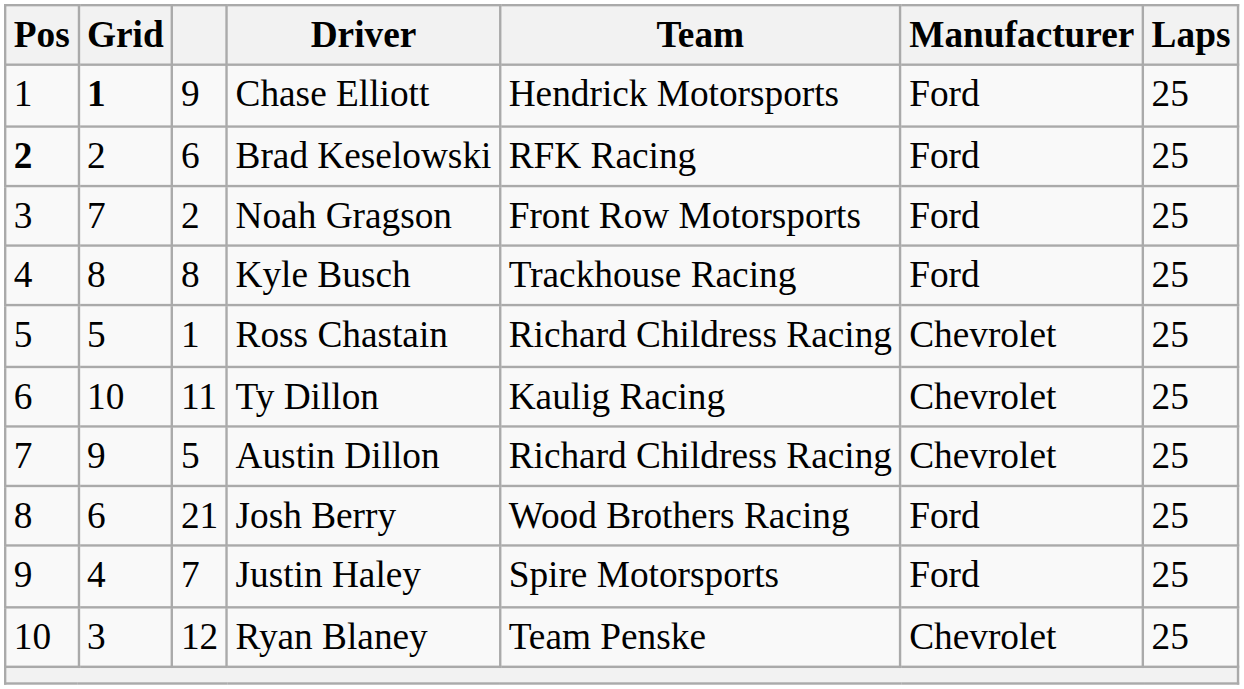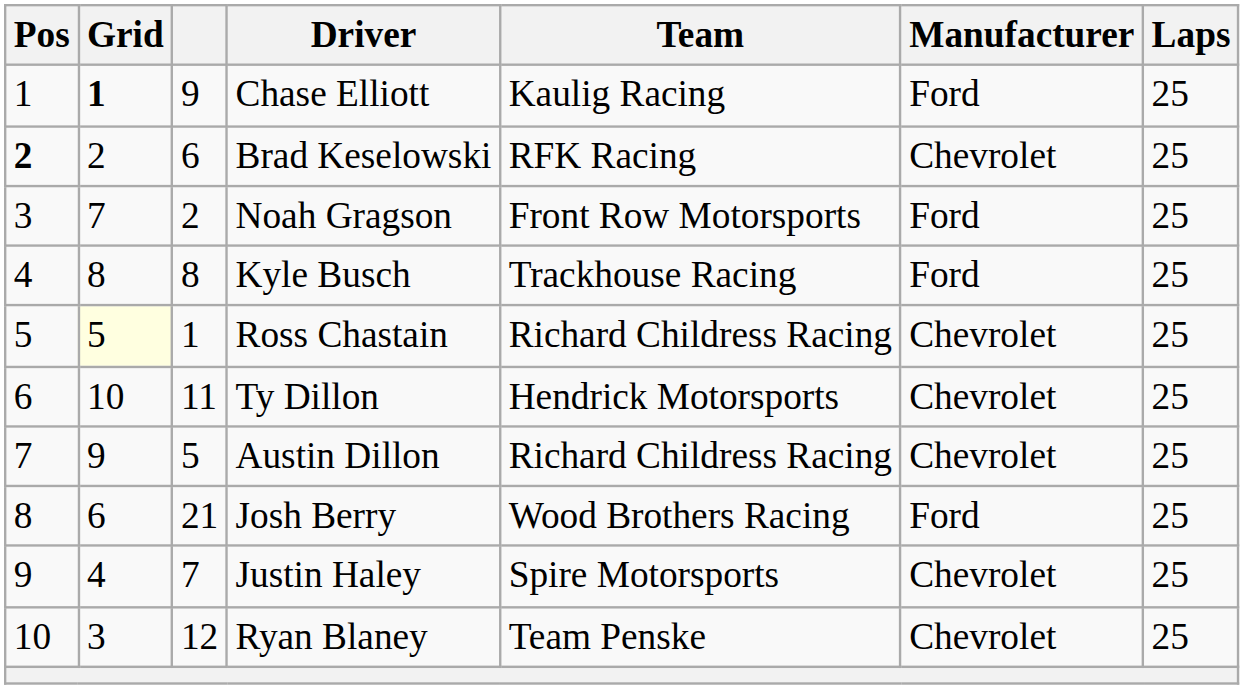 <table class="wikitable" style="font-size:98%">
 <tr>
 <th>Pos</th>
 <th>Grid</th>
 <th></th>
 <th>Driver</th>
 <th>Team</th>
 <th>Manufacturer</th>
 <th>Laps</th>
 </tr>
 <tr>
 <td>1</td>
 <td><strong>1</strong></td>
 <td>9</td>
 <td>Chase Elliott</td>
-<td>Hendrick Motorsports</td>
+<td>Kaulig Racing</td>
 <td>Ford</td>
 <td>25</td>
 </tr>
 <tr>
 <td><strong>2</strong></td>
 <td>2</td>
 <td>6</td>
 <td>Brad Keselowski</td>
 <td>RFK Racing</td>
-<td>Ford</td>
+<td>Chevrolet</td>
 <td>25</td>
 </tr>
 <tr>
 <td>3</td>
 <td>7</td>
 <td>2</td>
 <td>Noah Gragson</td>
 <td>Front Row Motorsports</td>
 <td>Ford</td>
 <td>25</td>
 </tr>
 <tr>
 <td>4</td>
 <td>8</td>
 <td>8</td>
 <td>Kyle Busch</td>
 <td>Trackhouse Racing</td>
 <td>Ford</td>
 <td>25</td>
 </tr>
 <tr>
 <td>5</td>
-<td>5</td>
+<td style="background: lightyellow;">5</td>
 <td>1</td>
 <td>Ross Chastain</td>
 <td>Richard Childress Racing</td>
 <td>Chevrolet</td>
 <td>25</td>
 </tr>
 <tr>
 <td>6</td>
 <td>10</td>
 <td>11</td>
 <td>Ty Dillon</td>
-<td>Kaulig Racing</td>
+<td>Hendrick Motorsports</td>
 <td>Chevrolet</td>
 <td>25</td>
 </tr>
 <tr>
 <td>7</td>
 <td>9</td>
 <td>5</td>
 <td>Austin Dillon</td>
 <td>Richard Childress Racing</td>
 <td>Chevrolet</td>
 <td>25</td>
 </tr>
 <tr>
 <td>8</td>
 <td>6</td>
 <td>21</td>
 <td>Josh Berry</td>
 <td>Wood Brothers Racing</td>
 <td>Ford</td>
 <td>25</td>
 </tr>
 <tr>
 <td>9</td>
 <td>4</td>
 <td>7</td>
 <td>Justin Haley</td>
 <td>Spire Motorsports</td>
-<td>Ford</td>
+<td>Chevrolet</td>
 <td>25</td>
 </tr>
 <tr>
 <td>10</td>
 <td>3</td>
 <td>12</td>
 <td>Ryan Blaney</td>
 <td>Team Penske</td>
 <td>Chevrolet</td>
 <td>25</td>
 </tr>
 <tr>
 <th colspan="7"></th>
 </tr>
 </table>
